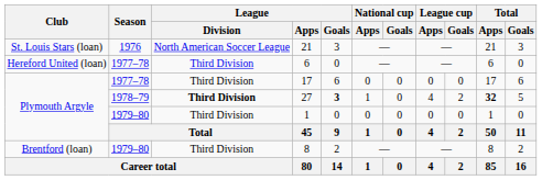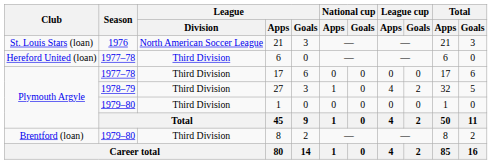 <table class="wikitable" style="text-align: center;">
 <tr>
 <th rowspan="2">Club</th>
 <th rowspan="2">Season</th>
 <th colspan="3">League</th>
 <th colspan="2">National cup</th>
 <th colspan="2">League cup</th>
 <th colspan="2">Total</th>
 </tr>
 <tr>
 <th>Division</th>
 <th>Apps</th>
 <th>Goals</th>
 <th>Apps</th>
 <th>Goals</th>
 <th>Apps</th>
 <th>Goals</th>
 <th>Apps</th>
 <th>Goals</th>
 </tr>
 <tr>
 <td><a href='#'>St. Louis Stars</a> (loan)</td>
 <td><a href='#'>1976</a></td>
 <td><a href='#'>North American Soccer League</a></td>
 <td>21</td>
 <td>3</td>
 <td colspan="2">—</td>
 <td colspan="2">—</td>
 <td>21</td>
 <td>3</td>
 </tr>
 <tr>
 <td><a href='#'>Hereford United</a> (loan)</td>
 <td><a href='#'>1977–78</a></td>
 <td><a href='#'>Third Division</a></td>
 <td>6</td>
 <td>0</td>
 <td colspan="2">—</td>
 <td colspan="2">—</td>
 <td>6</td>
 <td>0</td>
 </tr>
 <tr>
 <td rowspan="4"><a href='#'>Plymouth Argyle</a></td>
 <td><a href='#'>1977–78</a></td>
 <td>Third Division</td>
 <td>17</td>
 <td>6</td>
 <td>0</td>
 <td>0</td>
 <td>0</td>
 <td>0</td>
 <td>17</td>
 <td>6</td>
 </tr>
 <tr>
 <td><a href='#'>1978–79</a></td>
-<td><strong>Third Division</strong></td>
+<td>Third Division</td>
 <td>27</td>
-<td><strong>3</strong></td>
+<td>3</td>
 <td>1</td>
 <td>0</td>
 <td>4</td>
 <td>2</td>
-<td><strong>32</strong></td>
+<td>32</td>
 <td>5</td>
 </tr>
 <tr>
 <td><a href='#'>1979–80</a></td>
 <td>Third Division</td>
 <td>1</td>
 <td>0</td>
 <td>0</td>
 <td>0</td>
 <td>0</td>
 <td>0</td>
 <td>1</td>
 <td>0</td>
 </tr>
 <tr>
 <th colspan="2">Total</th>
 <th>45</th>
 <th>9</th>
 <th>1</th>
 <th>0</th>
 <th>4</th>
 <th>2</th>
 <th>50</th>
 <th>11</th>
 </tr>
 <tr>
 <td><a href='#'>Brentford</a> (loan)</td>
 <td><a href='#'>1979–80</a></td>
 <td>Third Division</td>
 <td>8</td>
 <td>2</td>
 <td colspan="2">—</td>
 <td colspan="2">—</td>
 <td>8</td>
 <td>2</td>
 </tr>
 <tr>
 <th colspan="3">Career total</th>
 <th>80</th>
 <th>14</th>
 <th>1</th>
 <th>0</th>
 <th>4</th>
 <th>2</th>
 <th>85</th>
 <th>16</th>
 </tr>
 </table>
